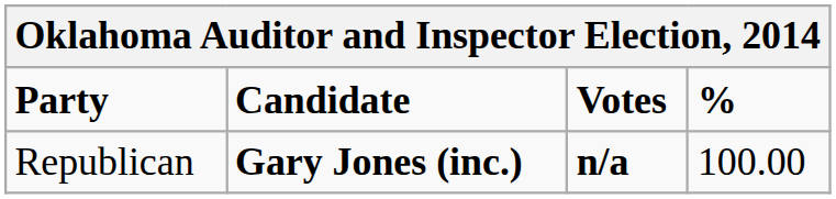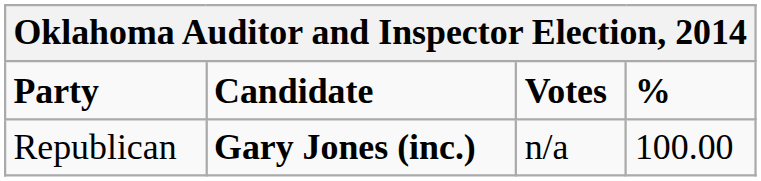 <table class="wikitable">
 <tr>
 <th colspan="4">Oklahoma Auditor and Inspector Election, 2014</th>
 </tr>
 <tr>
 <td><strong>Party</strong></td>
 <td><strong>Candidate</strong></td>
 <td><strong>Votes</strong></td>
 <td><strong>%</strong></td>
 </tr>
 <tr>
 <td>Republican</td>
 <td><strong>Gary Jones (inc.)</strong></td>
-<td><strong>n/a</strong></td>
+<td>n/a</td>
 <td>100.00</td>
 </tr>
 </table>
